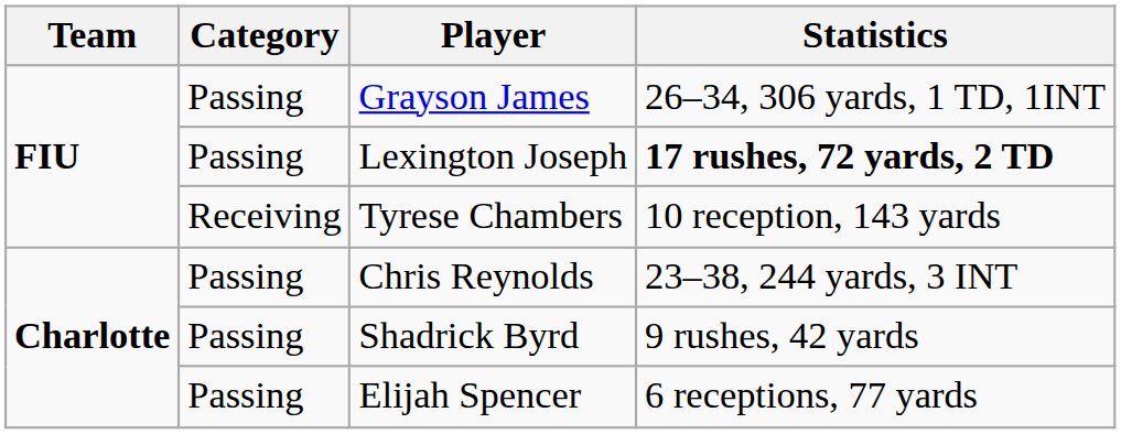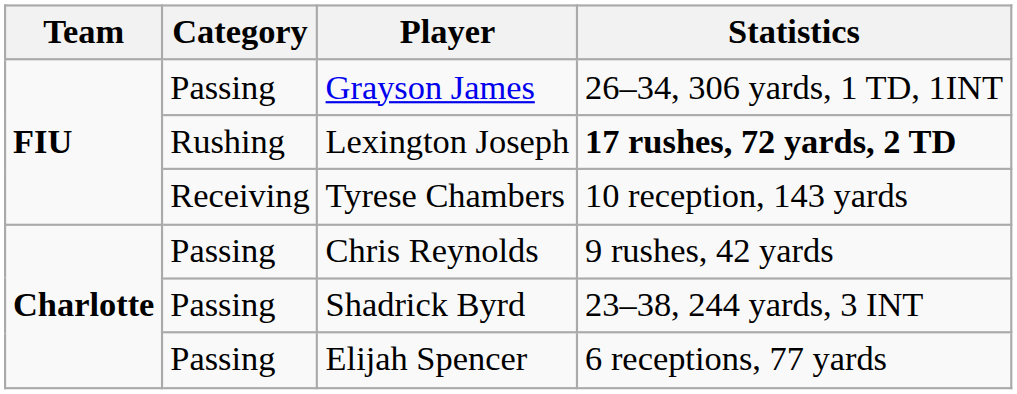 <table class="wikitable" style="float: left;">
 <tr>
 <th>Team</th>
 <th>Category</th>
 <th>Player</th>
 <th>Statistics</th>
 </tr>
 <tr>
 <td rowspan=3><strong>FIU</strong></td>
 <td>Passing</td>
 <td><a href='#'>Grayson James</a></td>
 <td>26–34, 306 yards, 1 TD, 1INT</td>
 </tr>
 <tr>
-<td>Passing</td>
+<td>Rushing</td>
 <td>Lexington Joseph</td>
 <td><strong>17 rushes, 72 yards, 2 TD</strong></td>
 </tr>
 <tr>
 <td>Receiving</td>
 <td>Tyrese Chambers</td>
 <td>10 reception, 143 yards</td>
 </tr>
 <tr>
 <td rowspan=3><strong>Charlotte</strong></td>
 <td>Passing</td>
 <td>Chris Reynolds</td>
-<td>23–38, 244 yards, 3 INT</td>
+<td>9 rushes, 42 yards</td>
 </tr>
 <tr>
 <td>Passing</td>
 <td>Shadrick Byrd</td>
-<td>9 rushes, 42 yards</td>
+<td>23–38, 244 yards, 3 INT</td>
 </tr>
 <tr>
 <td>Passing</td>
 <td>Elijah Spencer</td>
 <td>6 receptions, 77 yards</td>
 </tr>
 </table>
